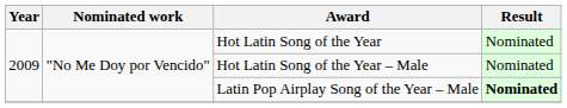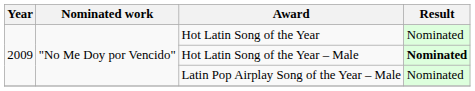 <table class="wikitable">
 <tr>
 <th>Year</th>
 <th>Nominated work</th>
 <th>Award</th>
 <th>Result</th>
 </tr>
 <tr>
 <td rowspan="3">2009</td>
 <td rowspan="3">"No Me Doy por Vencido"</td>
 <td>Hot Latin Song of the Year</td>
 <td style="background: #ddffdd">Nominated</td>
 </tr>
 <tr>
 <td>Hot Latin Song of the Year – Male</td>
-<td style="background: #ddffdd">Nominated</td>
+<td style="background: #ddffdd"><strong>Nominated</strong></td>
 </tr>
 <tr>
 <td>Latin Pop Airplay Song of the Year – Male</td>
-<td style="background: #ddffdd"><strong>Nominated</strong></td>
+<td style="background: #ddffdd">Nominated</td>
 </tr>
 <tr>
 </tr>
 </table>
